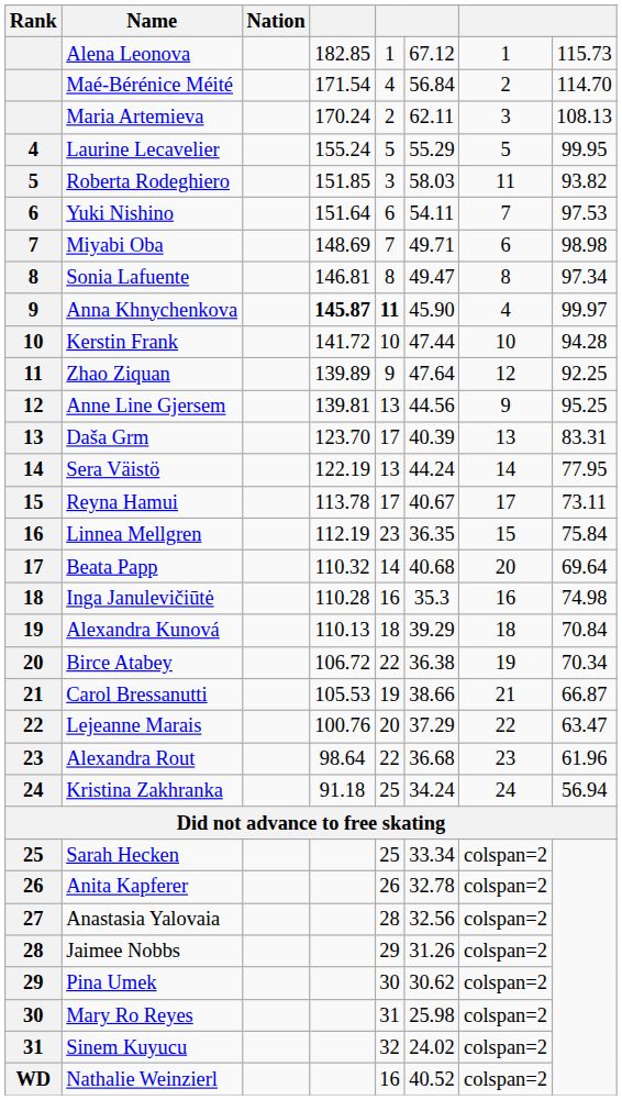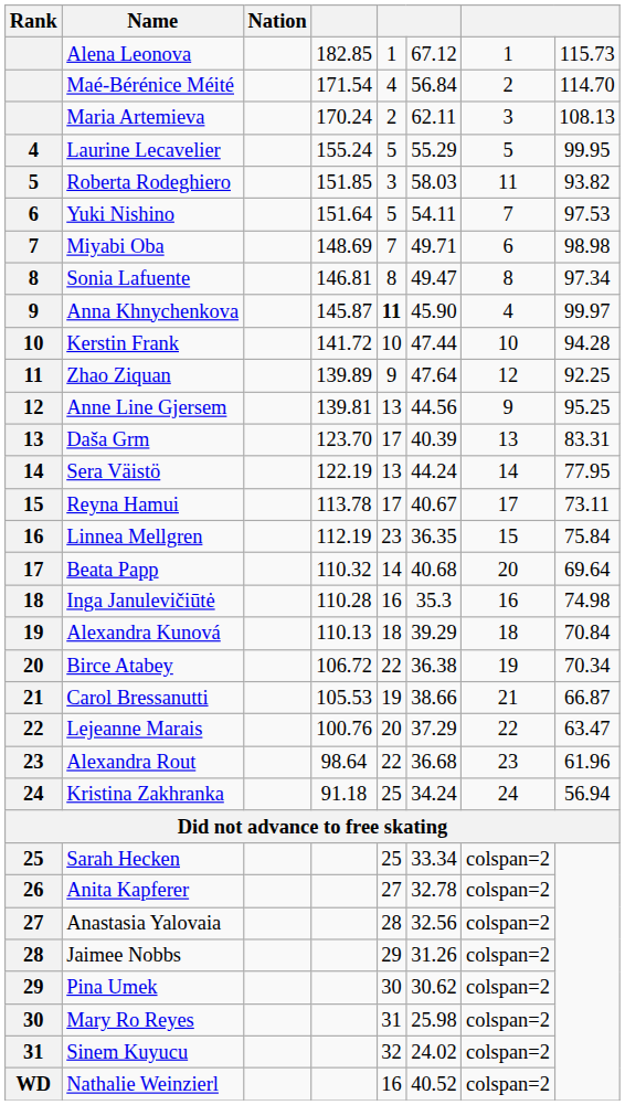 <table class="wikitable sortable" style="text-align:center">
 <tr>
 <th>Rank</th>
 <th>Name</th>
 <th>Nation</th>
 <th></th>
 <th colspan=2></th>
 <th colspan=2></th>
 </tr>
 <tr>
 <th></th>
 <td align=left><a href='#'>Alena Leonova</a></td>
 <td align=left></td>
 <td>182.85</td>
 <td>1</td>
 <td>67.12</td>
 <td>1</td>
 <td>115.73</td>
 </tr>
 <tr>
 <th></th>
 <td align=left><a href='#'>Maé-Bérénice Méité</a></td>
 <td align=left></td>
 <td>171.54</td>
 <td>4</td>
 <td>56.84</td>
 <td>2</td>
 <td>114.70</td>
 </tr>
 <tr>
 <th></th>
 <td align=left><a href='#'>Maria Artemieva</a></td>
 <td align=left></td>
 <td>170.24</td>
 <td>2</td>
 <td>62.11</td>
 <td>3</td>
 <td>108.13</td>
 </tr>
 <tr>
 <th>4</th>
 <td align=left><a href='#'>Laurine Lecavelier</a></td>
 <td align=left></td>
 <td>155.24</td>
 <td>5</td>
 <td>55.29</td>
 <td>5</td>
 <td>99.95</td>
 </tr>
 <tr>
 <th>5</th>
 <td align=left><a href='#'>Roberta Rodeghiero</a></td>
 <td align=left></td>
 <td>151.85</td>
 <td>3</td>
 <td>58.03</td>
 <td>11</td>
 <td>93.82</td>
 </tr>
 <tr>
 <th>6</th>
 <td align=left><a href='#'>Yuki Nishino</a></td>
 <td align=left></td>
 <td>151.64</td>
-<td>6</td>
+<td>5</td>
 <td>54.11</td>
 <td>7</td>
 <td>97.53</td>
 </tr>
 <tr>
 <th>7</th>
 <td align=left><a href='#'>Miyabi Oba</a></td>
 <td align=left></td>
 <td>148.69</td>
 <td>7</td>
 <td>49.71</td>
 <td>6</td>
 <td>98.98</td>
 </tr>
 <tr>
 <th>8</th>
 <td align=left><a href='#'>Sonia Lafuente</a></td>
 <td align=left></td>
 <td>146.81</td>
 <td>8</td>
 <td>49.47</td>
 <td>8</td>
 <td>97.34</td>
 </tr>
 <tr>
 <th>9</th>
 <td align=left><a href='#'>Anna Khnychenkova</a></td>
 <td align=left></td>
-<td><strong>145.87</strong></td>
+<td>145.87</td>
 <td><strong>11</strong></td>
 <td>45.90</td>
 <td>4</td>
 <td>99.97</td>
 </tr>
 <tr>
 <th>10</th>
 <td align=left><a href='#'>Kerstin Frank</a></td>
 <td align=left></td>
 <td>141.72</td>
 <td>10</td>
 <td>47.44</td>
 <td>10</td>
 <td>94.28</td>
 </tr>
 <tr>
 <th>11</th>
 <td align=left><a href='#'>Zhao Ziquan</a></td>
 <td align=left></td>
 <td>139.89</td>
 <td>9</td>
 <td>47.64</td>
 <td>12</td>
 <td>92.25</td>
 </tr>
 <tr>
 <th>12</th>
 <td align=left><a href='#'>Anne Line Gjersem</a></td>
 <td align=left></td>
 <td>139.81</td>
 <td>13</td>
 <td>44.56</td>
 <td>9</td>
 <td>95.25</td>
 </tr>
 <tr>
 <th>13</th>
 <td align=left><a href='#'>Daša Grm</a></td>
 <td align=left></td>
 <td>123.70</td>
 <td>17</td>
 <td>40.39</td>
 <td>13</td>
 <td>83.31</td>
 </tr>
 <tr>
 <th>14</th>
 <td align=left><a href='#'>Sera Väistö</a></td>
 <td align=left></td>
 <td>122.19</td>
 <td>13</td>
 <td>44.24</td>
 <td>14</td>
 <td>77.95</td>
 </tr>
 <tr>
 <th>15</th>
 <td align=left><a href='#'>Reyna Hamui</a></td>
 <td align=left></td>
 <td>113.78</td>
 <td>17</td>
 <td>40.67</td>
 <td>17</td>
 <td>73.11</td>
 </tr>
 <tr>
 <th>16</th>
 <td align=left><a href='#'>Linnea Mellgren</a></td>
 <td align=left></td>
 <td>112.19</td>
 <td>23</td>
 <td>36.35</td>
 <td>15</td>
 <td>75.84</td>
 </tr>
 <tr>
 <th>17</th>
 <td align=left><a href='#'>Beata Papp</a></td>
 <td align=left></td>
 <td>110.32</td>
 <td>14</td>
 <td>40.68</td>
 <td>20</td>
 <td>69.64</td>
 </tr>
 <tr>
 <th>18</th>
 <td align=left><a href='#'>Inga Janulevičiūtė</a></td>
 <td align=left></td>
 <td>110.28</td>
 <td>16</td>
 <td>35.3</td>
 <td>16</td>
 <td>74.98</td>
 </tr>
 <tr>
 <th>19</th>
 <td align=left><a href='#'>Alexandra Kunová</a></td>
 <td align=left></td>
 <td>110.13</td>
 <td>18</td>
 <td>39.29</td>
 <td>18</td>
 <td>70.84</td>
 </tr>
 <tr>
 <th>20</th>
 <td align=left><a href='#'>Birce Atabey</a></td>
 <td align=left></td>
 <td>106.72</td>
 <td>22</td>
 <td>36.38</td>
 <td>19</td>
 <td>70.34</td>
 </tr>
 <tr>
 <th>21</th>
 <td align=left><a href='#'>Carol Bressanutti</a></td>
 <td align=left></td>
 <td>105.53</td>
 <td>19</td>
 <td>38.66</td>
 <td>21</td>
 <td>66.87</td>
 </tr>
 <tr>
 <th>22</th>
 <td align=left><a href='#'>Lejeanne Marais</a></td>
 <td align=left></td>
 <td>100.76</td>
 <td>20</td>
 <td>37.29</td>
 <td>22</td>
 <td>63.47</td>
 </tr>
 <tr>
 <th>23</th>
 <td align=left><a href='#'>Alexandra Rout</a></td>
 <td align=left></td>
 <td>98.64</td>
 <td>22</td>
 <td>36.68</td>
 <td>23</td>
 <td>61.96</td>
 </tr>
 <tr>
 <th>24</th>
 <td align=left><a href='#'>Kristina Zakhranka</a></td>
 <td align=left></td>
 <td>91.18</td>
 <td>25</td>
 <td>34.24</td>
 <td>24</td>
 <td>56.94</td>
 </tr>
 <tr>
 <th colspan=8>Did not advance to free skating</th>
 </tr>
 <tr>
 <th>25</th>
 <td align=left><a href='#'>Sarah Hecken</a></td>
 <td align=left></td>
 <td></td>
 <td>25</td>
 <td>33.34</td>
 <td>colspan=2 </td>
 </tr>
 <tr>
 <th>26</th>
 <td align=left><a href='#'>Anita Kapferer</a></td>
 <td align=left></td>
 <td></td>
-<td>26</td>
+<td>27</td>
 <td>32.78</td>
 <td>colspan=2 </td>
 </tr>
 <tr>
 <th>27</th>
 <td align=left>Anastasia Yalovaia</td>
 <td align=left></td>
 <td></td>
 <td>28</td>
 <td>32.56</td>
 <td>colspan=2 </td>
 </tr>
 <tr>
 <th>28</th>
 <td align=left>Jaimee Nobbs</td>
 <td align=left></td>
 <td></td>
 <td>29</td>
 <td>31.26</td>
 <td>colspan=2 </td>
 </tr>
 <tr>
 <th>29</th>
 <td align=left><a href='#'>Pina Umek</a></td>
 <td align=left></td>
 <td></td>
 <td>30</td>
 <td>30.62</td>
 <td>colspan=2 </td>
 </tr>
 <tr>
 <th>30</th>
 <td align=left><a href='#'>Mary Ro Reyes</a></td>
 <td align=left></td>
 <td></td>
 <td>31</td>
 <td>25.98</td>
 <td>colspan=2 </td>
 </tr>
 <tr>
 <th>31</th>
 <td align=left><a href='#'>Sinem Kuyucu</a></td>
 <td align=left></td>
 <td></td>
 <td>32</td>
 <td>24.02</td>
 <td>colspan=2 </td>
 </tr>
 <tr>
 <th><strong>WD</strong></th>
 <td align=left><a href='#'>Nathalie Weinzierl</a></td>
 <td align=left></td>
 <td></td>
 <td>16</td>
 <td>40.52</td>
 <td>colspan=2 </td>
 </tr>
 </table>
